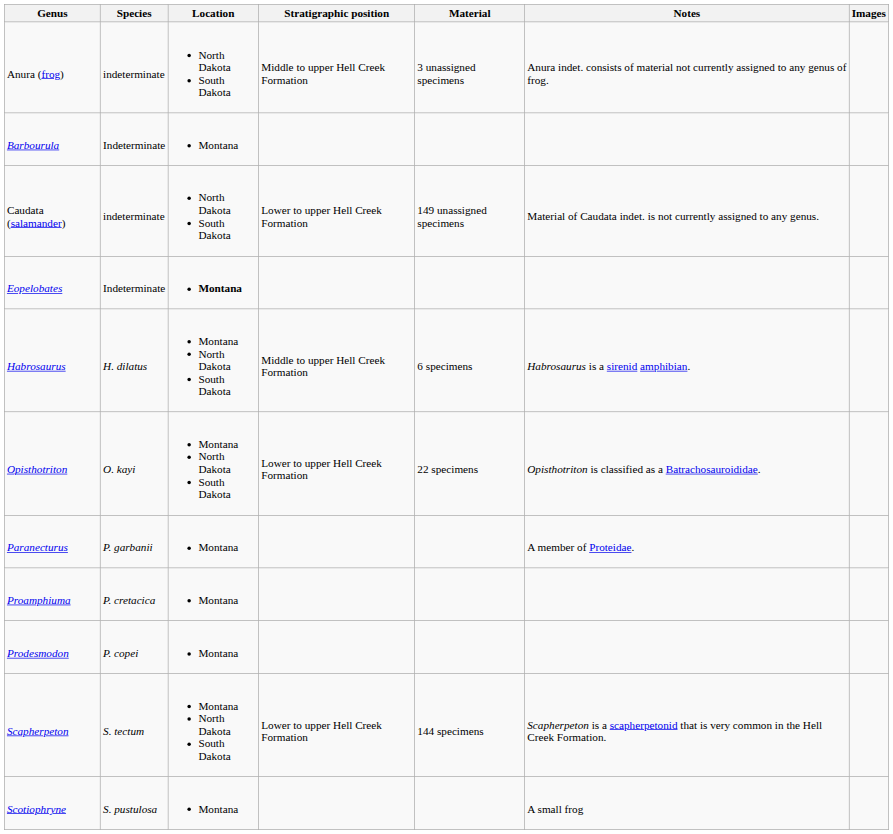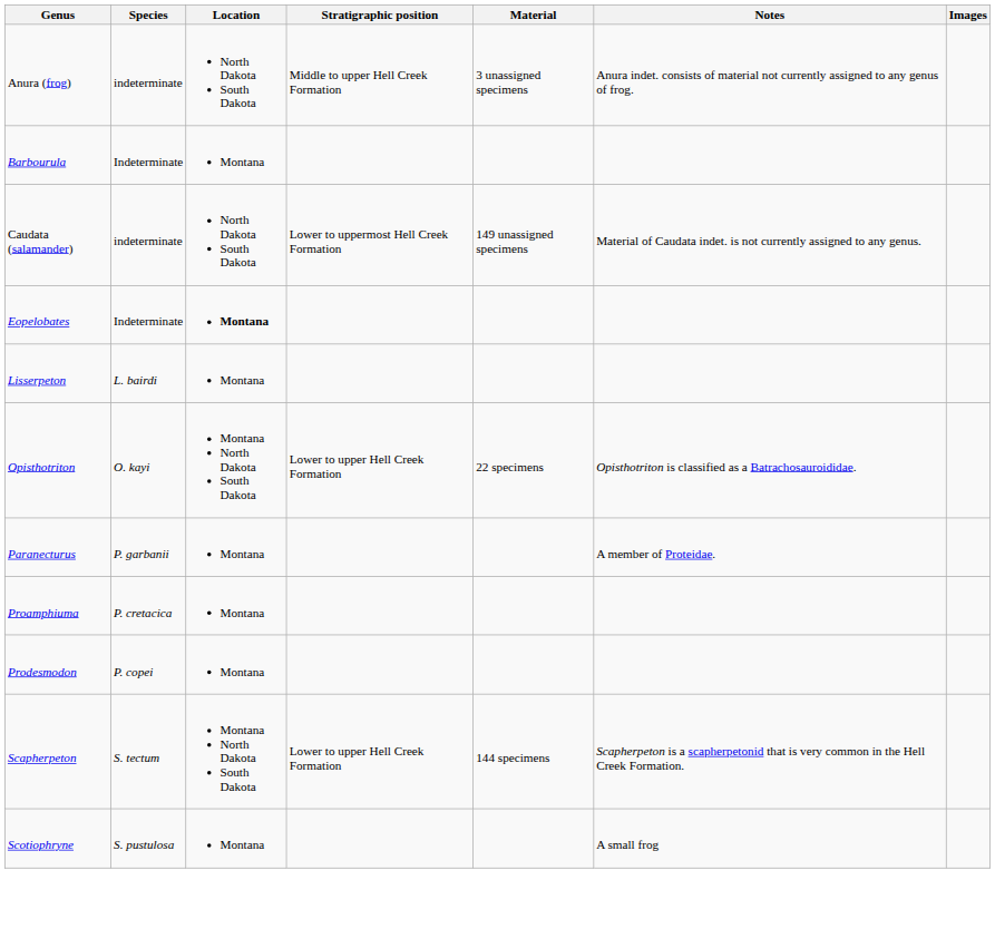 <table class="wikitable sortable mw-collapsible" style="margin:auto; width:100%">
 <tr>
 <th>Genus</th>
 <th>Species</th>
 <th>Location</th>
 <th>Stratigraphic position</th>
 <th>Material</th>
 <th>Notes</th>
 <th>Images</th>
 </tr>
 <tr>
 <td><br>Anura (<a href='#'>frog</a>)</td>
 <td><br>indeterminate</td>
 <td><br><ul><li>North Dakota</li><li>South Dakota</li></ul></td>
 <td><br>Middle to upper Hell Creek Formation</td>
 <td><br>3 unassigned specimens</td>
 <td><br>Anura indet. consists of material not currently assigned to any genus of frog.</td>
 <td></td>
 </tr>
 <tr>
 <td><br><em><a href='#'>Barbourula</a></em></td>
 <td><br>Indeterminate</td>
 <td><br><ul><li>Montana</li></ul></td>
 <td></td>
 <td></td>
 <td></td>
 <td></td>
 </tr>
 <tr>
 <td><br>Caudata (<a href='#'>salamander</a>)</td>
 <td><br>indeterminate</td>
 <td><br><ul><li>North Dakota</li><li>South Dakota</li></ul></td>
-<td><br>Lower to upper Hell Creek Formation</td>
+<td><br>Lower to uppermost Hell Creek Formation</td>
 <td><br>149 unassigned specimens</td>
 <td><br>Material of Caudata indet. is not currently assigned to any genus.</td>
 <td></td>
 </tr>
 <tr>
 <td><br><em><a href='#'>Eopelobates</a></em></td>
 <td><br>Indeterminate</td>
 <td><strong><br><ul><li>Montana</li></ul></strong></td>
 <td></td>
 <td></td>
 <td></td>
 <td></td>
 </tr>
 <tr>
-<td><br><em><a href='#'>Habrosaurus</a></em></td>
-<td><br><em>H. dilatus</em></td>
-<td><br><ul><li>Montana</li><li>North Dakota</li><li>South Dakota</li></ul></td>
-<td><br>Middle to upper Hell Creek Formation</td>
-<td><br>6 specimens</td>
-<td><br><em>Habrosaurus</em> is a <a href='#'>sirenid</a> <a href='#'>amphibian</a>.</td>
+<td><br><em><a href='#'>Lisserpeton</a></em></td>
+<td><br><em>L. bairdi</em></td>
+<td><br><ul><li>Montana</li></ul></td>
+<td></td>
+<td></td>
+<td></td>
 <td></td>
 </tr>
 <tr>
 <td><br><em><a href='#'>Opisthotriton</a></em></td>
 <td><br><em>O. kayi</em></td>
 <td><br><ul><li>Montana</li><li>North Dakota</li><li>South Dakota</li></ul></td>
 <td><br>Lower to upper Hell Creek Formation</td>
 <td><br>22 specimens</td>
 <td><br><em>Opisthotriton</em> is classified as a <a href='#'>Batrachosauroididae</a>.</td>
 <td></td>
 </tr>
 <tr>
 <td><br><em><a href='#'>Paranecturus</a></em></td>
 <td><br><em>P. garbanii</em></td>
 <td><br><ul><li>Montana</li></ul></td>
 <td></td>
 <td></td>
 <td><br>A member of <a href='#'>Proteidae</a>.</td>
 <td></td>
 </tr>
 <tr>
 <td><br><em><a href='#'>Proamphiuma</a></em></td>
 <td><br><em>P. cretacica</em></td>
 <td><br><ul><li>Montana</li></ul></td>
 <td></td>
 <td></td>
 <td></td>
 <td></td>
 </tr>
 <tr>
 <td><br><em><a href='#'>Prodesmodon</a></em></td>
 <td><br><em>P. copei</em></td>
 <td><br><ul><li>Montana</li></ul></td>
 <td></td>
 <td></td>
 <td></td>
 <td></td>
 </tr>
 <tr>
 <td><br><em><a href='#'>Scapherpeton</a></em></td>
 <td><br><em>S. tectum</em></td>
 <td><br><ul><li>Montana</li><li>North Dakota</li><li>South Dakota</li></ul></td>
 <td><br>Lower to upper Hell Creek Formation</td>
 <td><br>144 specimens</td>
 <td><br><em>Scapherpeton</em> is a <a href='#'>scapherpetonid</a> that is very common in the Hell Creek Formation.</td>
 <td></td>
 </tr>
 <tr>
 <td><br><em><a href='#'>Scotiophryne</a></em></td>
 <td><br><em>S. pustulosa</em></td>
 <td><br><ul><li>Montana</li></ul></td>
 <td></td>
 <td></td>
 <td><br>A small frog</td>
 <td></td>
 </tr>
 </table>
